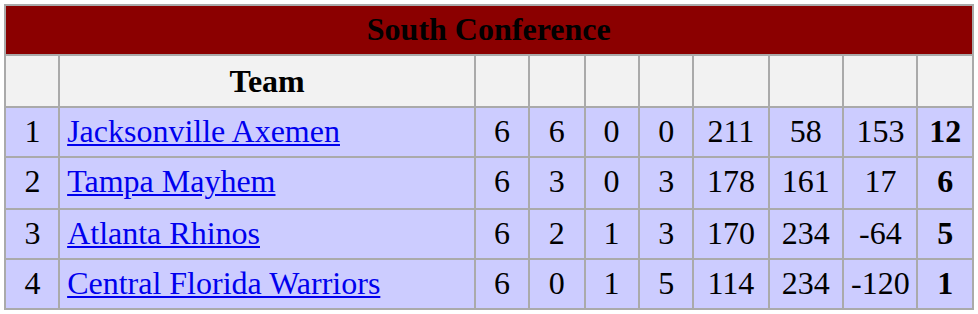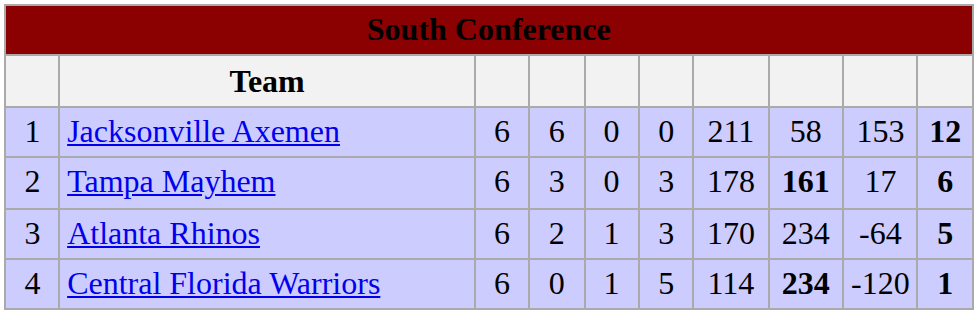 <table class="wikitable" style="text-align:center">
 <tr>
 <td style="background:darkred; text-align:center;" colspan="10"><strong><span>South Conference</span></strong></td>
 </tr>
 <tr>
 <th style="width:20px;"></th>
 <th style="width:200px;">Team</th>
 <th style="width:20px;"></th>
 <th style="width:20px;"></th>
 <th style="width:20px;"></th>
 <th style="width:20px;"></th>
 <th style="width:30px;"></th>
 <th style="width:30px;"></th>
 <th style="width:30px;"></th>
 <th style="width:20px;"></th>
 </tr>
 <tr style="background:#ccf;">
 <td>1</td>
 <td style="text-align:left;"> <a href='#'>Jacksonville Axemen</a></td>
 <td>6</td>
 <td>6</td>
 <td>0</td>
 <td>0</td>
 <td>211</td>
 <td>58</td>
 <td>153</td>
 <td><strong>12</strong></td>
 </tr>
 <tr style="background:#ccf;">
 <td>2</td>
 <td style="text-align:left;"> <a href='#'>Tampa Mayhem</a></td>
 <td>6</td>
 <td>3</td>
 <td>0</td>
 <td>3</td>
 <td>178</td>
-<td>161</td>
+<td><strong>161</strong></td>
 <td>17</td>
 <td><strong>6</strong></td>
 </tr>
 <tr style="background:#ccf;">
 <td>3</td>
 <td style="text-align:left;"> <a href='#'>Atlanta Rhinos</a></td>
 <td>6</td>
 <td>2</td>
 <td>1</td>
 <td>3</td>
 <td>170</td>
 <td>234</td>
 <td>-64</td>
 <td><strong>5</strong></td>
 </tr>
 <tr style="background:#ccf;">
 <td>4</td>
 <td style="text-align:left;"> <a href='#'>Central Florida Warriors</a></td>
 <td>6</td>
 <td>0</td>
 <td>1</td>
 <td>5</td>
 <td>114</td>
-<td>234</td>
+<td><strong>234</strong></td>
 <td>-120</td>
 <td><strong>1</strong></td>
 </tr>
 </table>
